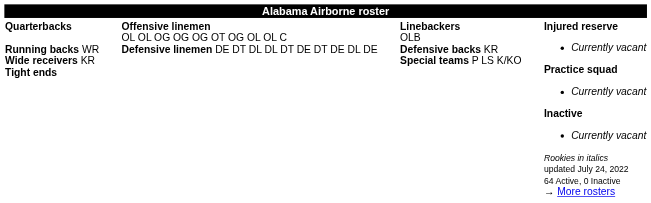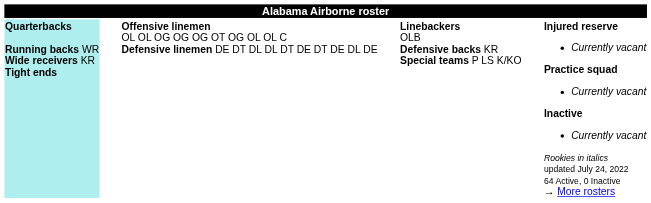 <table class="toccolours" style="text-align: left;">
 <tr>
 <th colspan="7" style="background-color:#000000;color:#FFFFFF;text-align:center;">Alabama Airborne roster</th>
 </tr>
 <tr>
-<td style="font-size: 95%;vertical-align:top;"><strong>Quarterbacks</strong><br>   <br><strong>Running backs</strong>     WR<br><strong>Wide receivers</strong>    KR     <br><strong>Tight ends</strong>    </td>
+<td style="background: paleturquoise; font-size: 95%;vertical-align:top;"><strong>Quarterbacks</strong><br>   <br><strong>Running backs</strong>     WR<br><strong>Wide receivers</strong>    KR     <br><strong>Tight ends</strong>    </td>
 <td style="width: 25px;"></td>
 <td style="font-size: 95%;vertical-align:top;"><strong>Offensive linemen</strong><br> OL  OL  OG  OG  OG  OT  OG  OL  OL  C<br><strong>Defensive linemen</strong>  DE  DT  DL  DL  DT  DE  DT  DE  DL  DE</td>
 <td style="width: 25px;"></td>
 <td style="font-size: 95%;vertical-align:top;"><strong>Linebackers</strong><br> OLB        <br><strong>Defensive backs</strong>            KR <br><strong>Special teams</strong>  P  LS  K/KO</td>
 <td style="width: 25px;"></td>
 <td style="font-size: 95%;vertical-align:top;"><strong>Injured reserve</strong><br><ul><li><em>Currently vacant</em></li></ul><strong>Practice squad</strong><ul><li><em>Currently vacant</em></li></ul><strong>Inactive</strong><ul><li><em>Currently vacant</em></li></ul><small><em>Rookies in italics</em><br>  updated July 24, 2022<br> 64 Active, 0 Inactive</small><br>→ <a href='#'>More rosters</a></td>
 </tr>
 <tr>
 </tr>
 </table>
